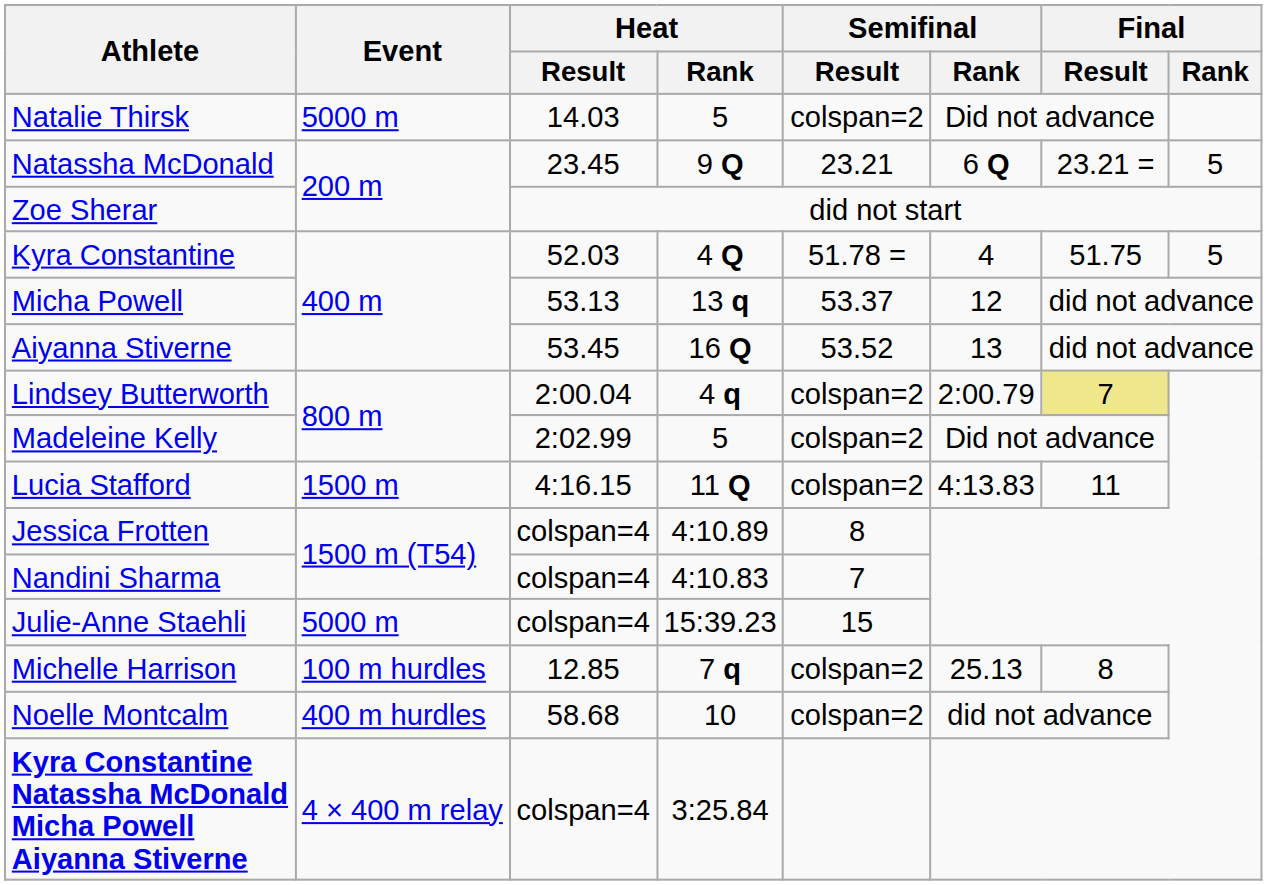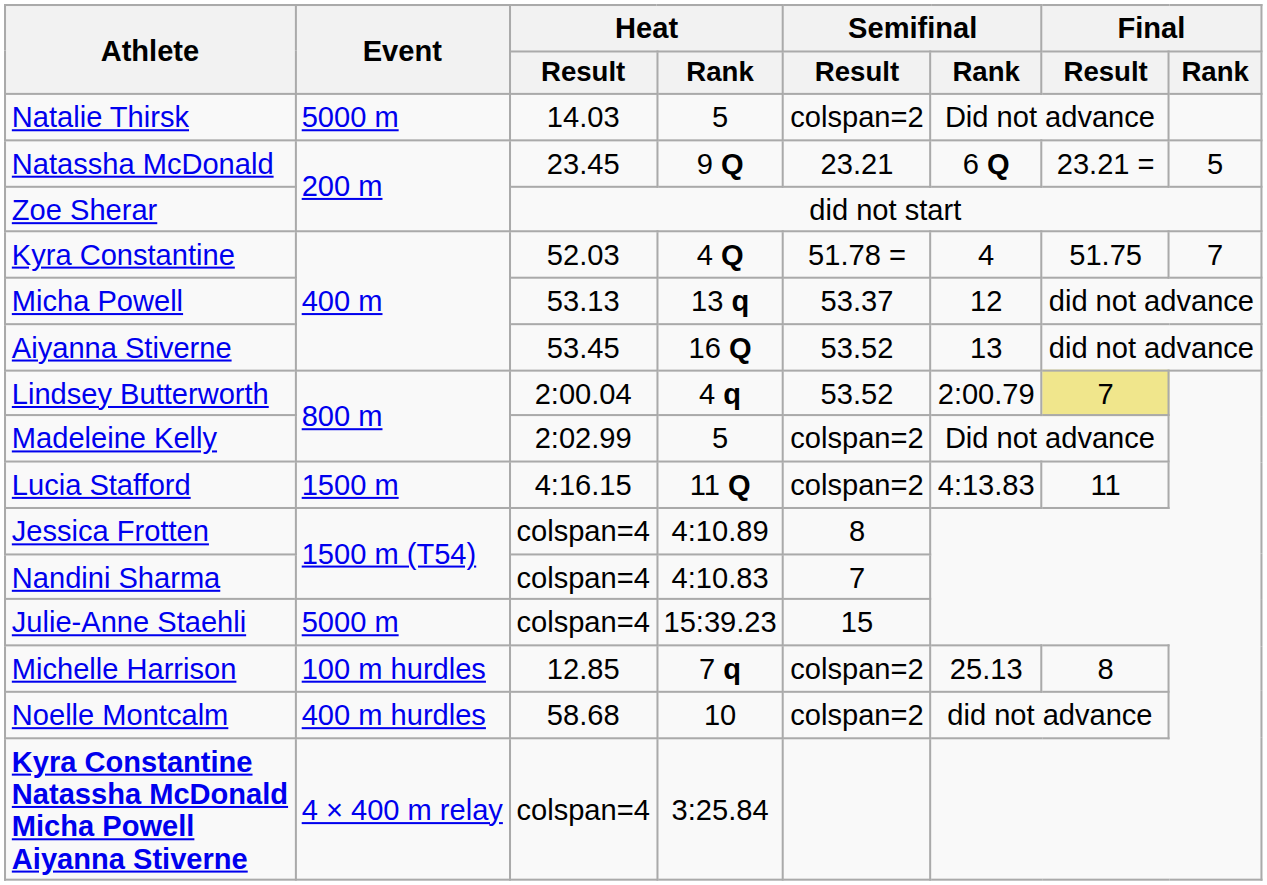 <table class="wikitable" style="font-size:90%">
 <tr>
 <th rowspan=2>Athlete</th>
 <th rowspan=2>Event</th>
 <th colspan=2>Heat</th>
 <th colspan=2>Semifinal</th>
 <th colspan=2>Final</th>
 </tr>
 <tr style="font-size:95%">
 <th>Result</th>
 <th>Rank</th>
 <th>Result</th>
 <th>Rank</th>
 <th>Result</th>
 <th>Rank</th>
 </tr>
 <tr align=center>
 <td align=left><a href='#'>Natalie Thirsk</a></td>
 <td align=left><a href='#'>5000 m</a></td>
 <td>14.03</td>
 <td>5</td>
 <td>colspan=2 </td>
 <td colspan="2">Did not advance</td>
 </tr>
 <tr align=center>
 <td align=left><a href='#'>Natassha McDonald</a></td>
 <td align=left rowspan=2><a href='#'>200 m</a></td>
 <td>23.45</td>
 <td>9 <strong>Q</strong></td>
 <td>23.21 </td>
 <td>6 <strong>Q</strong></td>
 <td>23.21 =</td>
 <td>5</td>
 </tr>
 <tr align=center>
 <td align=left><a href='#'>Zoe Sherar</a></td>
 <td colspan=6>did not start</td>
 </tr>
 <tr align=center>
 <td align=left><a href='#'>Kyra Constantine</a></td>
 <td align=left rowspan=3><a href='#'>400 m</a></td>
 <td>52.03</td>
 <td>4 <strong>Q</strong></td>
 <td>51.78 =</td>
 <td>4</td>
 <td>51.75 </td>
-<td>5</td>
+<td>7</td>
 </tr>
 <tr align=center>
 <td align=left><a href='#'>Micha Powell</a></td>
 <td>53.13</td>
 <td>13 <strong>q</strong></td>
 <td>53.37</td>
 <td>12</td>
 <td colspan=2>did not advance</td>
 </tr>
 <tr align=center>
 <td align=left><a href='#'>Aiyanna Stiverne</a></td>
 <td>53.45</td>
 <td>16 <strong>Q</strong></td>
 <td>53.52</td>
 <td>13</td>
 <td colspan=2>did not advance</td>
 </tr>
 <tr align=center>
 <td align=left><a href='#'>Lindsey Butterworth</a></td>
 <td align=left rowspan=2><a href='#'>800 m</a></td>
 <td>2:00.04</td>
 <td>4 <strong>q</strong></td>
-<td>colspan=2 </td>
+<td>53.52</td>
 <td>2:00.79</td>
 <td style="background: khaki;">7</td>
 </tr>
 <tr align=center>
 <td align=left><a href='#'>Madeleine Kelly</a></td>
 <td>2:02.99</td>
 <td>5</td>
 <td>colspan=2 </td>
 <td colspan="2">Did not advance</td>
 </tr>
 <tr align=center>
 <td align="left"><a href='#'>Lucia Stafford</a></td>
 <td align="left"><a href='#'>1500 m</a></td>
 <td>4:16.15</td>
 <td>11 <strong>Q</strong></td>
 <td>colspan=2 </td>
 <td>4:13.83</td>
 <td>11</td>
 </tr>
 <tr align=center>
 <td align=left><a href='#'>Jessica Frotten</a></td>
 <td align=left rowspan=2><a href='#'>1500 m (T54)</a></td>
 <td>colspan=4 </td>
 <td>4:10.89</td>
 <td>8</td>
 </tr>
 <tr align=center>
 <td align=left><a href='#'>Nandini Sharma</a></td>
 <td>colspan=4 </td>
 <td>4:10.83</td>
 <td>7</td>
 </tr>
 <tr align=center>
 <td align=left><a href='#'>Julie-Anne Staehli</a></td>
 <td align=left><a href='#'>5000 m</a></td>
 <td>colspan=4 </td>
 <td>15:39.23 </td>
 <td>15</td>
 </tr>
 <tr align=center>
 <td align=left><a href='#'>Michelle Harrison</a></td>
 <td align="left"><a href='#'>100 m hurdles</a></td>
 <td>12.85</td>
 <td>7 <strong>q</strong></td>
 <td>colspan=2 </td>
 <td>25.13</td>
 <td>8</td>
 </tr>
 <tr align=center>
 <td align=left><a href='#'>Noelle Montcalm</a></td>
 <td align=left><a href='#'>400 m hurdles</a></td>
 <td>58.68</td>
 <td>10</td>
 <td>colspan=2 </td>
 <td colspan=2>did not advance</td>
 </tr>
 <tr align=center>
 <td align=left><strong><a href='#'>Kyra Constantine</a><br><a href='#'>Natassha McDonald</a><br><a href='#'>Micha Powell</a><br><a href='#'>Aiyanna Stiverne</a></strong></td>
 <td align=left><a href='#'>4 × 400 m relay</a></td>
 <td>colspan=4 </td>
 <td>3:25.84</td>
 <td></td>
 </tr>
 </table>
